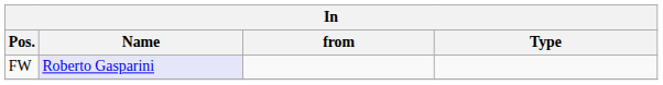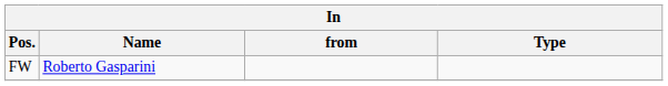 <table class="wikitable" style="font-size:90%;width:99%;">
 <tr>
 <th colspan="4">In</th>
 </tr>
 <tr>
 <th width=3%>Pos.</th>
 <th width=32%>Name</th>
 <th width=30%>from</th>
 <th width=35%>Type</th>
 </tr>
 <tr>
 <td>FW</td>
-<td style="background: lavender;"><a href='#'>Roberto Gasparini</a></td>
+<td><a href='#'>Roberto Gasparini</a></td>
 <td></td>
 <td></td>
 </tr>
 <tr>
 </tr>
 </table>
